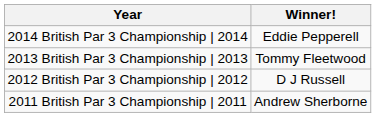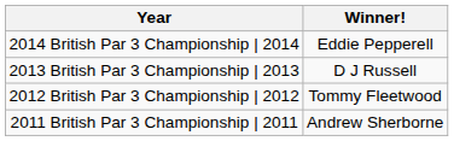 <table class="wikitable">
 <tr>
 <th>Year</th>
 <th>Winner!</th>
 </tr>
 <tr>
 <td align="center">2014 British Par 3 Championship | 2014</td>
 <td align="center">Eddie Pepperell</td>
 </tr>
 <tr>
 <td align="center">2013 British Par 3 Championship | 2013</td>
-<td align="center">Tommy Fleetwood</td>
+<td align="center">D J Russell</td>
 </tr>
 <tr>
 <td align="center">2012 British Par 3 Championship | 2012</td>
-<td align="center">D J Russell</td>
+<td align="center">Tommy Fleetwood</td>
 </tr>
 <tr>
 <td align="center">2011 British Par 3 Championship | 2011</td>
 <td align="center">Andrew Sherborne</td>
 </tr>
 </table>
